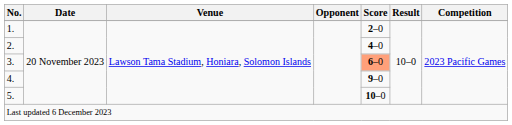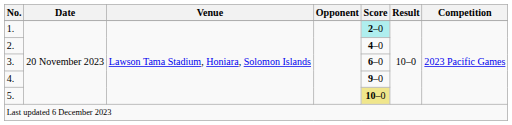 <table class="wikitable" style="font-size:85%;">
 <tr>
 <th>No.</th>
 <th>Date</th>
 <th>Venue</th>
 <th>Opponent</th>
 <th>Score</th>
 <th>Result</th>
 <th>Competition</th>
 </tr>
 <tr>
 </tr>
 <tr>
 <td>1.</td>
 <td rowspan=5>20 November 2023</td>
 <td rowspan=5><a href='#'>Lawson Tama Stadium</a>, <a href='#'>Honiara</a>, <a href='#'>Solomon Islands</a></td>
 <td rowspan=5></td>
-<td align=center><strong>2</strong>–0</td>
+<td align=center style="background: paleturquoise;"><strong>2</strong>–0</td>
 <td rowspan=5; align=center>10–0</td>
 <td rowspan=5><a href='#'>2023 Pacific Games</a></td>
 </tr>
 <tr>
 <td>2.</td>
 <td align=center><strong>4</strong>–0</td>
 </tr>
 <tr>
 <td>3.</td>
-<td align=center style="background: lightsalmon;"><strong>6</strong>–0</td>
+<td align=center><strong>6</strong>–0</td>
 </tr>
 <tr>
 <td>4.</td>
 <td align=center><strong>9</strong>–0</td>
 </tr>
 <tr>
 <td>5.</td>
-<td align=center><strong>10</strong>–0</td>
+<td align=center style="background: khaki;"><strong>10</strong>–0</td>
 </tr>
 <tr>
 <td colspan="7"><small>Last updated 6 December 2023</small></td>
 </tr>
 </table>
